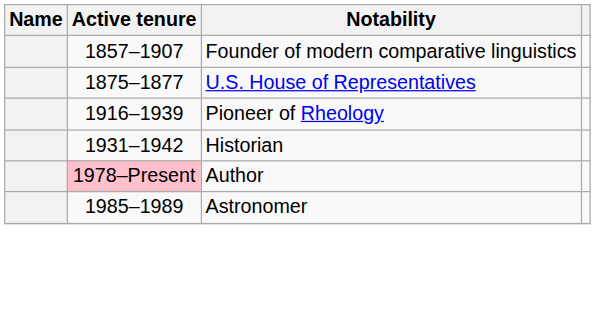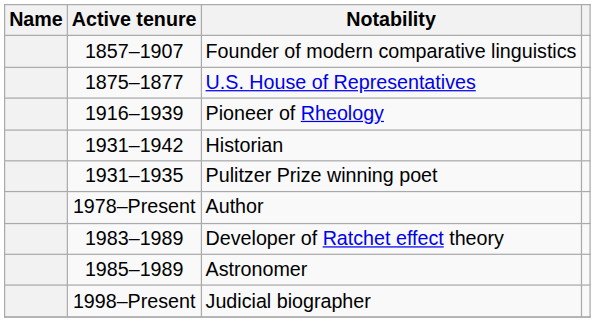 <table class="wikitable sortable plainrowheaders floatright" style="border:2px solid #">
 <tr>
 <th scope="col">Name</th>
 <th scope="col">Active tenure</th>
 <th scope="col">Notability</th>
 <th scope="col"></th>
 </tr>
 <tr>
 <th scope="row"></th>
 <td style="text-align:center;">1857–1907</td>
 <td>Founder of modern comparative linguistics</td>
 <td style="text-align:center;"></td>
 </tr>
 <tr>
 <th scope="row"></th>
 <td style="text-align:center;">1875–1877</td>
 <td><a href='#'>U.S. House of Representatives</a></td>
 <td style="text-align:center;"></td>
 </tr>
 <tr>
 <th scope="row"></th>
 <td style="text-align:center;">1916–1939</td>
 <td>Pioneer of <a href='#'>Rheology</a></td>
 <td style="text-align:center;"></td>
 </tr>
 <tr>
 <th scope="row"></th>
 <td style="text-align:center;">1931–1942</td>
 <td>Historian</td>
 <td style="text-align:center;"></td>
 </tr>
 <tr>
 <th scope="row"></th>
-<td style="background: pink; text-align:center;">1978–Present</td>
+<td style="text-align:center;">1931–1935</td>
+<td>Pulitzer Prize winning poet</td>
+<td style="text-align:center;"></td>
+</tr>
+<tr>
+<th scope="row"></th>
+<td style="text-align:center;">1978–Present</td>
 <td>Author</td>
+<td style="text-align:center;"></td>
+</tr>
+<tr>
+<th scope="row"></th>
+<td style="text-align:center;">1983–1989</td>
+<td>Developer of <a href='#'>Ratchet effect</a> theory</td>
 <td style="text-align:center;"></td>
 </tr>
 <tr>
 <th scope="row"></th>
 <td style="text-align:center;">1985–1989</td>
 <td>Astronomer</td>
 <td style="text-align:center;"></td>
 </tr>
 <tr>
+<th scope="row"></th>
+<td style="text-align:center;">1998–Present</td>
+<td>Judicial biographer</td>
+<td style="text-align:center;"></td>
+</tr>
+<tr>
 </tr>
 </table>
